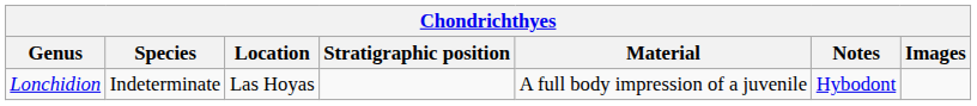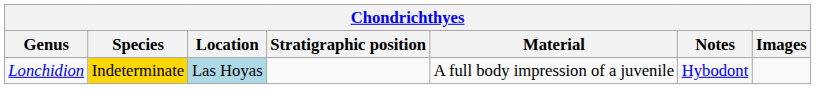 <table class="wikitable" align="center">
 <tr>
 <th colspan="7" align="center"><a href='#'>Chondrichthyes</a></th>
 </tr>
 <tr>
 <th>Genus</th>
 <th>Species</th>
 <th>Location</th>
 <th>Stratigraphic position</th>
 <th>Material</th>
 <th>Notes</th>
 <th>Images</th>
 </tr>
 <tr>
 <td><em><a href='#'>Lonchidion</a></em></td>
-<td>Indeterminate</td>
-<td>Las Hoyas</td>
+<td style="background: gold;">Indeterminate</td>
+<td style="background: lightblue;">Las Hoyas</td>
 <td></td>
 <td>A full body impression of a juvenile</td>
 <td><a href='#'>Hybodont</a></td>
 <td></td>
 </tr>
 </table>
